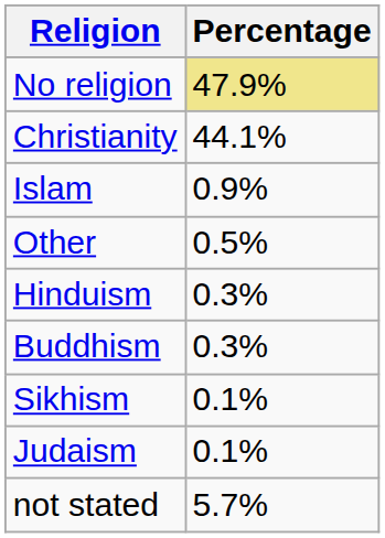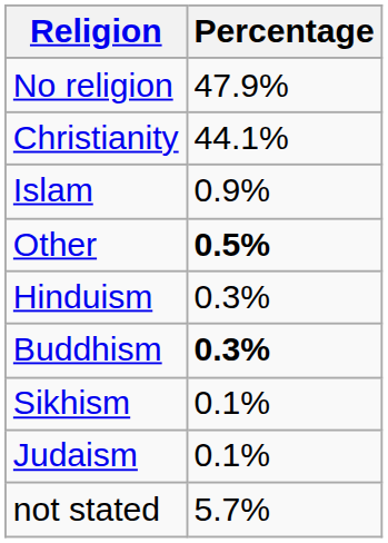 <table class="wikitable">
 <tr>
 <th><a href='#'>Religion</a></th>
 <th>Percentage</th>
 </tr>
 <tr>
 <td><a href='#'>No religion</a></td>
-<td style="background: khaki;">47.9%</td>
+<td>47.9%</td>
 </tr>
 <tr>
 <td><a href='#'>Christianity</a></td>
 <td>44.1%</td>
 </tr>
 <tr>
 <td><a href='#'>Islam</a></td>
 <td>0.9%</td>
 </tr>
 <tr>
 <td><a href='#'>Other</a></td>
-<td>0.5%</td>
+<td><strong>0.5%</strong></td>
 </tr>
 <tr>
 <td><a href='#'>Hinduism</a></td>
 <td>0.3%</td>
 </tr>
 <tr>
 <td><a href='#'>Buddhism</a></td>
-<td>0.3%</td>
+<td><strong>0.3%</strong></td>
 </tr>
 <tr>
 <td><a href='#'>Sikhism</a></td>
 <td>0.1%</td>
 </tr>
 <tr>
 <td><a href='#'>Judaism</a></td>
 <td>0.1%</td>
 </tr>
 <tr>
 <td>not stated</td>
 <td>5.7%</td>
 </tr>
 </table>
